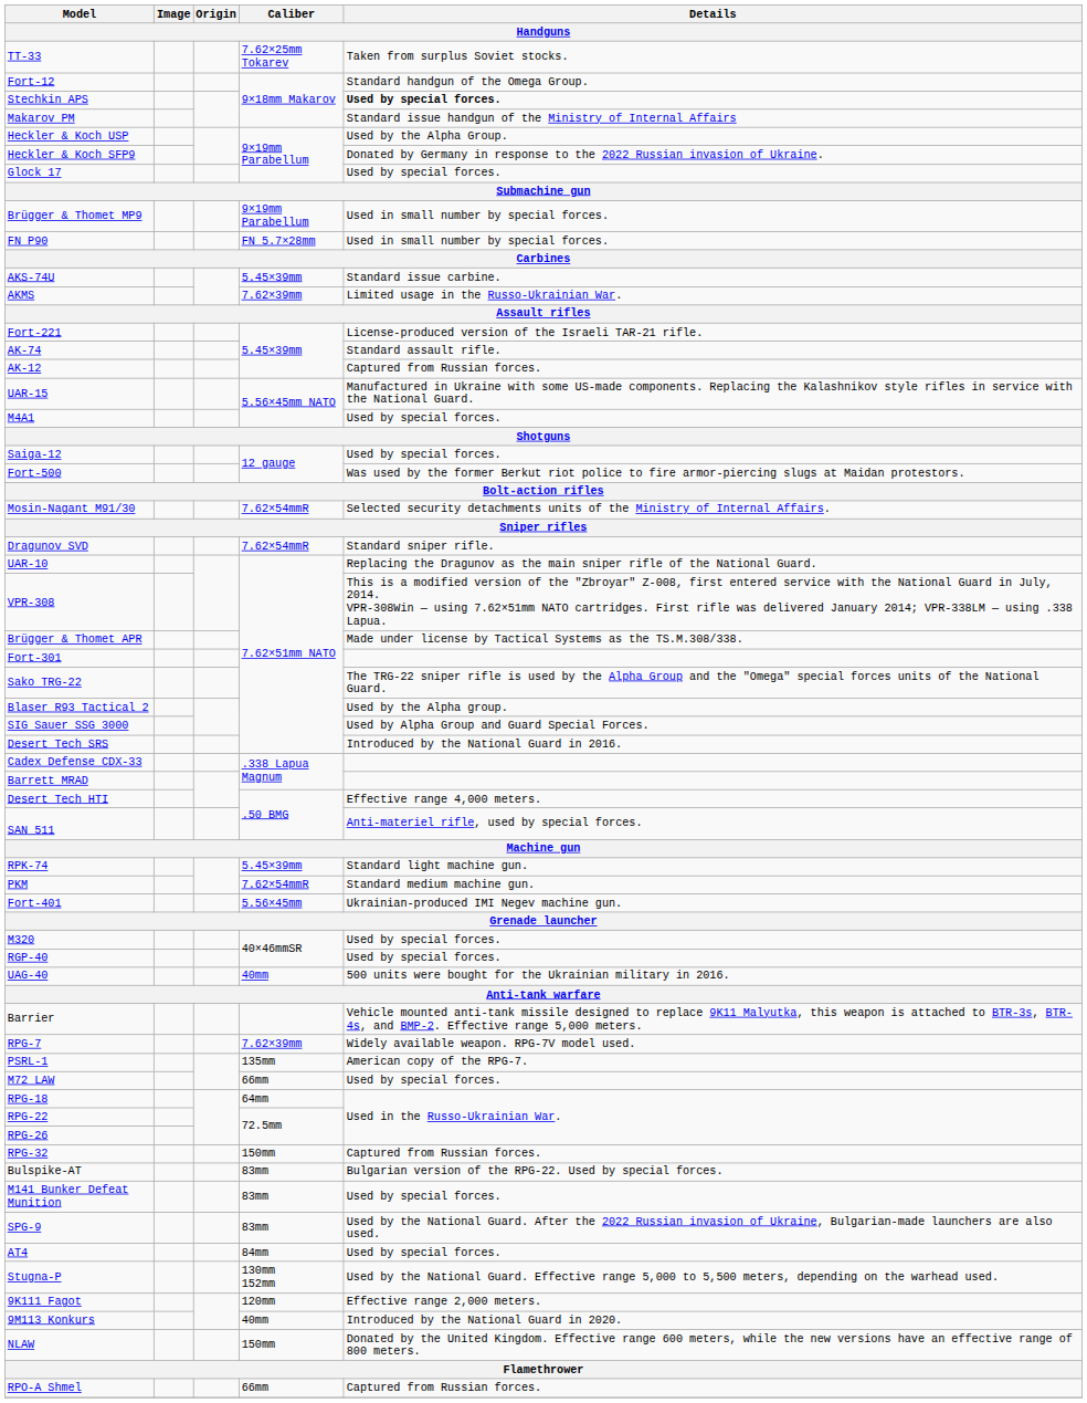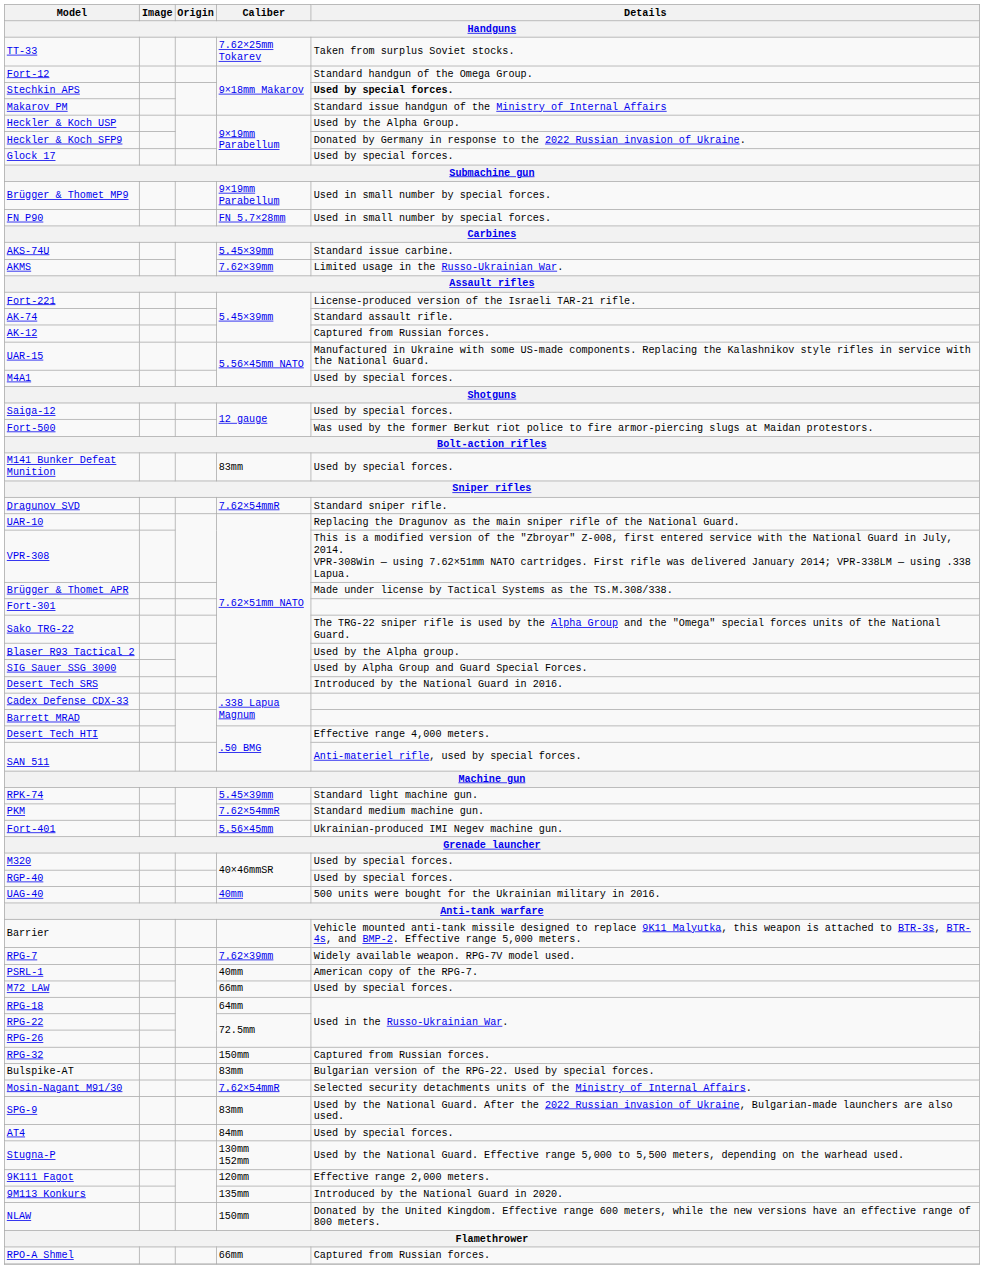 <table class="wikitable">
 <tr>
 <th>Model</th>
 <th>Image</th>
 <th>Origin</th>
 <th>Caliber</th>
 <th>Details</th>
 </tr>
 <tr>
 <th colspan="5" style="align: center;"><a href='#'>Handguns</a></th>
 </tr>
 <tr>
 <td><a href='#'>TT-33</a></td>
 <td></td>
 <td></td>
 <td><a href='#'>7.62×25mm Tokarev</a></td>
 <td>Taken from surplus Soviet stocks.</td>
 </tr>
 <tr>
 <td><a href='#'>Fort-12</a></td>
 <td></td>
 <td></td>
 <td rowspan="3"><a href='#'>9×18mm Makarov</a></td>
 <td>Standard handgun of the Omega Group.</td>
 </tr>
 <tr>
 <td><a href='#'>Stechkin APS</a></td>
 <td></td>
 <td rowspan="2"></td>
 <td><strong>Used by special forces.</strong></td>
 </tr>
 <tr>
 <td><a href='#'>Makarov PM</a></td>
 <td></td>
 <td>Standard issue handgun of the <a href='#'>Ministry of Internal Affairs</a></td>
 </tr>
 <tr>
 <td><a href='#'>Heckler & Koch USP</a></td>
 <td></td>
 <td rowspan="2"></td>
 <td rowspan="3"><a href='#'>9×19mm Parabellum</a></td>
 <td>Used by the Alpha Group.</td>
 </tr>
 <tr>
 <td><a href='#'>Heckler & Koch SFP9</a></td>
 <td></td>
 <td>Donated by Germany in response to the <a href='#'>2022 Russian invasion of Ukraine</a>.</td>
 </tr>
 <tr>
 <td><a href='#'>Glock 17</a></td>
 <td></td>
 <td></td>
 <td>Used by special forces.</td>
 </tr>
 <tr>
 <th colspan="5" style="align: center;"><a href='#'>Submachine gun</a></th>
 </tr>
 <tr>
 <td><a href='#'>Brügger & Thomet MP9</a></td>
 <td></td>
 <td></td>
 <td><a href='#'>9×19mm Parabellum</a></td>
 <td>Used in small number by special forces.</td>
 </tr>
 <tr>
 <td><a href='#'>FN P90</a></td>
 <td></td>
 <td></td>
 <td><a href='#'>FN 5.7×28mm</a></td>
 <td>Used in small number by special forces.</td>
 </tr>
 <tr>
 <th colspan="5" style="align: center;"><a href='#'>Carbines</a></th>
 </tr>
 <tr>
 <td><a href='#'>AKS-74U</a></td>
 <td></td>
 <td rowspan="2"></td>
 <td><a href='#'>5.45×39mm</a></td>
 <td>Standard issue carbine.</td>
 </tr>
 <tr>
 <td><a href='#'>AKMS</a></td>
 <td></td>
 <td><a href='#'>7.62×39mm</a></td>
 <td>Limited usage in the <a href='#'>Russo-Ukrainian War</a>.</td>
 </tr>
 <tr>
 <th colspan="5" style="align: center;"><a href='#'>Assault rifles</a></th>
 </tr>
 <tr>
 <td><a href='#'>Fort-221</a></td>
 <td></td>
 <td><br></td>
 <td rowspan="3"><a href='#'>5.45×39mm</a></td>
 <td>License-produced version of the Israeli TAR-21 rifle.</td>
 </tr>
 <tr>
 <td><a href='#'>AK-74</a></td>
 <td></td>
 <td></td>
 <td>Standard assault rifle.</td>
 </tr>
 <tr>
 <td><a href='#'>AK-12</a></td>
 <td></td>
 <td></td>
 <td>Captured from Russian forces.</td>
 </tr>
 <tr>
 <td><a href='#'>UAR-15</a></td>
 <td></td>
 <td></td>
 <td rowspan="2"><a href='#'>5.56×45mm NATO</a></td>
 <td>Manufactured in Ukraine with some US-made components. Replacing the Kalashnikov style rifles in service with the National Guard.</td>
 </tr>
 <tr>
 <td><a href='#'>M4A1</a></td>
 <td></td>
 <td></td>
 <td>Used by special forces.</td>
 </tr>
 <tr>
 <th colspan="5" style="align: center;"><a href='#'>Shotguns</a></th>
 </tr>
 <tr>
 <td><a href='#'>Saiga-12</a></td>
 <td></td>
 <td></td>
 <td rowspan="2"><a href='#'>12 gauge</a></td>
 <td>Used by special forces.</td>
 </tr>
 <tr>
 <td><a href='#'>Fort-500</a></td>
 <td></td>
 <td></td>
 <td>Was used by the former Berkut riot police to fire armor-piercing slugs at Maidan protestors.</td>
 </tr>
 <tr>
 <th colspan="5"><a href='#'>Bolt-action rifles</a></th>
 </tr>
 <tr>
-<td><a href='#'>Mosin-Nagant M91/30</a></td>
+<td><a href='#'>M141 Bunker Defeat Munition</a></td>
 <td></td>
-<td> <br></td>
-<td><a href='#'>7.62×54mmR</a></td>
-<td>Selected security detachments units of the <a href='#'>Ministry of Internal Affairs</a>.</td>
+<td></td>
+<td>83mm</td>
+<td>Used by special forces.</td>
 </tr>
 <tr>
 <th colspan="5" style="align: center;"><a href='#'>Sniper rifles</a></th>
 </tr>
 <tr>
 <td><a href='#'>Dragunov SVD</a></td>
 <td></td>
 <td></td>
 <td><a href='#'>7.62×54mmR</a></td>
 <td>Standard sniper rifle.</td>
 </tr>
 <tr>
 <td><a href='#'>UAR-10</a></td>
 <td></td>
 <td rowspan="2"></td>
 <td rowspan="8"><a href='#'>7.62×51mm NATO</a></td>
 <td>Replacing the Dragunov as the main sniper rifle of the National Guard.</td>
 </tr>
 <tr>
 <td><a href='#'>VPR-308</a></td>
 <td></td>
 <td>This is a modified version of the "Zbroyar" Z-008, first entered service with the National Guard in July, 2014.<br>VPR-308Win — using 7.62×51mm NATO cartridges. First rifle was delivered January 2014; VPR-338LM — using .338 Lapua.</td>
 </tr>
 <tr>
 <td><a href='#'>Brügger & Thomet APR</a></td>
 <td></td>
 <td></td>
 <td>Made under license by Tactical Systems as the TS.M.308/338.</td>
 </tr>
 <tr>
 <td><a href='#'>Fort-301</a></td>
 <td></td>
 <td><br></td>
 <td></td>
 </tr>
 <tr>
 <td><a href='#'>Sako TRG-22</a></td>
 <td></td>
 <td></td>
 <td>The TRG-22 sniper rifle is used by the <a href='#'>Alpha Group</a> and the "Omega" special forces units of the National Guard.</td>
 </tr>
 <tr>
 <td><a href='#'>Blaser R93 Tactical 2</a></td>
 <td></td>
 <td rowspan="2"></td>
 <td>Used by the Alpha group.</td>
 </tr>
 <tr>
 <td><a href='#'>SIG Sauer SSG 3000</a></td>
 <td></td>
 <td>Used by Alpha Group and Guard Special Forces.</td>
 </tr>
 <tr>
 <td><a href='#'>Desert Tech SRS</a></td>
 <td></td>
 <td></td>
 <td>Introduced by the National Guard in 2016.</td>
 </tr>
 <tr>
 <td><a href='#'>Cadex Defense CDX-33</a></td>
 <td></td>
 <td></td>
 <td rowspan="2"><a href='#'>.338 Lapua Magnum</a></td>
 <td></td>
 </tr>
 <tr>
 <td><a href='#'>Barrett MRAD</a></td>
 <td></td>
 <td rowspan="2"></td>
 <td></td>
 </tr>
 <tr>
 <td><a href='#'>Desert Tech HTI</a></td>
 <td></td>
 <td rowspan="2"><a href='#'>.50 BMG</a></td>
 <td>Effective range 4,000 meters.</td>
 </tr>
 <tr>
 <td><br><a href='#'>SAN 511</a></td>
 <td></td>
 <td></td>
 <td><a href='#'>Anti-materiel rifle</a>, used by special forces.</td>
 </tr>
 <tr>
 <th colspan="5" style="align: center;"><a href='#'>Machine gun</a></th>
 </tr>
 <tr>
 <td><a href='#'>RPK-74</a></td>
 <td></td>
 <td rowspan="2"></td>
 <td><a href='#'>5.45×39mm</a></td>
 <td>Standard light machine gun.</td>
 </tr>
 <tr>
 <td><a href='#'>PKM</a></td>
 <td></td>
 <td><a href='#'>7.62×54mmR</a></td>
 <td>Standard medium machine gun.</td>
 </tr>
 <tr>
 <td><a href='#'>Fort-401</a></td>
 <td></td>
 <td><br></td>
 <td><a href='#'>5.56×45mm</a></td>
 <td>Ukrainian-produced IMI Negev machine gun.</td>
 </tr>
 <tr>
 <th colspan="5" style="align: center;"><a href='#'>Grenade launcher</a></th>
 </tr>
 <tr>
 <td><a href='#'>M320</a></td>
 <td></td>
 <td><br></td>
 <td rowspan="2">40×46mmSR</td>
 <td>Used by special forces.</td>
 </tr>
 <tr>
 <td><a href='#'>RGP-40</a></td>
 <td></td>
 <td></td>
 <td>Used by special forces.</td>
 </tr>
 <tr>
 <td><a href='#'>UAG-40</a></td>
 <td></td>
 <td></td>
 <td><a href='#'>40mm</a></td>
 <td>500 units were bought for the Ukrainian military in 2016.</td>
 </tr>
 <tr>
 <th colspan="5" style="align: center;"><a href='#'>Anti-tank warfare</a></th>
 </tr>
 <tr>
 <td>Barrier</td>
 <td></td>
 <td></td>
 <td></td>
 <td>Vehicle mounted anti-tank missile designed to replace <a href='#'>9K11 Malyutka</a>, this weapon is attached to <a href='#'>BTR-3s</a>, <a href='#'>BTR-4s</a>, and <a href='#'>BMP-2</a>. Effective range 5,000 meters.</td>
 </tr>
 <tr>
 <td><a href='#'>RPG-7</a></td>
 <td></td>
 <td></td>
 <td><a href='#'>7.62×39mm</a></td>
 <td>Widely available weapon. RPG-7V model used.</td>
 </tr>
 <tr>
 <td><a href='#'>PSRL-1</a></td>
 <td></td>
 <td rowspan="2"></td>
-<td>135mm</td>
+<td>40mm</td>
 <td>American copy of the RPG-7.</td>
 </tr>
 <tr>
 <td><a href='#'>M72 LAW</a></td>
 <td></td>
 <td>66mm</td>
 <td>Used by special forces.</td>
 </tr>
 <tr>
 <td><a href='#'>RPG-18</a></td>
 <td></td>
 <td rowspan="3"></td>
 <td>64mm</td>
 <td rowspan="3">Used in the <a href='#'>Russo-Ukrainian War</a>.</td>
 </tr>
 <tr>
 <td><a href='#'>RPG-22</a></td>
 <td></td>
 <td rowspan="2">72.5mm</td>
 </tr>
 <tr>
 <td><a href='#'>RPG-26</a></td>
 <td></td>
 </tr>
 <tr>
 <td><a href='#'>RPG-32</a></td>
 <td></td>
 <td></td>
 <td>150mm</td>
 <td>Captured from Russian forces.</td>
 </tr>
 <tr>
 <td>Bulspike-AT</td>
 <td></td>
 <td></td>
 <td>83mm</td>
 <td>Bulgarian version of the RPG-22. Used by special forces.</td>
 </tr>
 <tr>
-<td><a href='#'>M141 Bunker Defeat Munition</a></td>
+<td><a href='#'>Mosin-Nagant M91/30</a></td>
 <td></td>
-<td></td>
-<td>83mm</td>
-<td>Used by special forces.</td>
+<td> <br></td>
+<td><a href='#'>7.62×54mmR</a></td>
+<td>Selected security detachments units of the <a href='#'>Ministry of Internal Affairs</a>.</td>
 </tr>
 <tr>
 <td><a href='#'>SPG-9</a></td>
 <td></td>
 <td></td>
 <td>83mm</td>
 <td>Used by the National Guard. After the <a href='#'>2022 Russian invasion of Ukraine</a>, Bulgarian-made launchers are also used.</td>
 </tr>
 <tr>
 <td><a href='#'>AT4</a></td>
 <td></td>
 <td></td>
 <td>84mm</td>
 <td>Used by special forces.</td>
 </tr>
 <tr>
 <td><a href='#'>Stugna-P</a></td>
 <td></td>
 <td></td>
 <td>130mm<br>152mm</td>
 <td>Used by the National Guard. Effective range 5,000 to 5,500 meters, depending on the warhead used.</td>
 </tr>
 <tr>
 <td><a href='#'>9K111 Fagot</a></td>
 <td></td>
 <td rowspan="2"></td>
 <td>120mm</td>
 <td>Effective range 2,000 meters.</td>
 </tr>
 <tr>
 <td><a href='#'>9M113 Konkurs</a></td>
 <td></td>
-<td>40mm</td>
+<td>135mm</td>
 <td>Introduced by the National Guard in 2020.</td>
 </tr>
 <tr>
 <td><a href='#'>NLAW</a></td>
 <td></td>
 <td><br></td>
 <td>150mm</td>
 <td>Donated by the United Kingdom. Effective range 600 meters, while the new versions have an effective range of 800 meters.</td>
 </tr>
 <tr>
 <th colspan="5">Flamethrower</th>
 </tr>
 <tr>
 <td><a href='#'>RPO-A Shmel</a></td>
 <td></td>
 <td></td>
 <td>66mm</td>
 <td>Captured from Russian forces.</td>
 </tr>
 <tr>
 </tr>
 </table>
